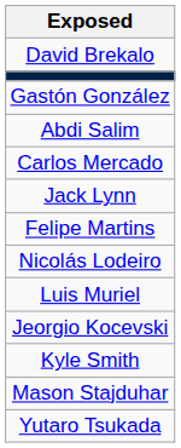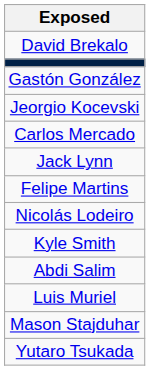 <table class="wikitable" style="text-align:center">
 <tr>
 <th>Exposed</th>
 </tr>
 <tr>
 <td><a href='#'>David Brekalo</a></td>
 </tr>
 <tr>
 <td style="background: #002147"></td>
 </tr>
 <tr>
 <td><a href='#'>Gastón González</a></td>
 </tr>
 <tr>
-<td><a href='#'>Abdi Salim</a></td>
+<td><a href='#'>Jeorgio Kocevski</a></td>
 </tr>
 <tr>
 <td><a href='#'>Carlos Mercado</a></td>
 </tr>
 <tr>
 <td><a href='#'>Jack Lynn</a></td>
 </tr>
 <tr>
 <td><a href='#'>Felipe Martins</a></td>
 </tr>
 <tr>
 <td><a href='#'>Nicolás Lodeiro</a></td>
 </tr>
 <tr>
-<td><a href='#'>Luis Muriel</a></td>
+<td><a href='#'>Kyle Smith</a></td>
 </tr>
 <tr>
-<td><a href='#'>Jeorgio Kocevski</a></td>
+<td><a href='#'>Abdi Salim</a></td>
 </tr>
 <tr>
-<td><a href='#'>Kyle Smith</a></td>
+<td><a href='#'>Luis Muriel</a></td>
 </tr>
 <tr>
 <td><a href='#'>Mason Stajduhar</a></td>
 </tr>
 <tr>
 <td><a href='#'>Yutaro Tsukada</a></td>
 </tr>
 </table>
